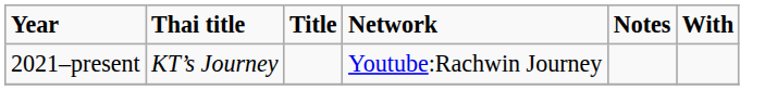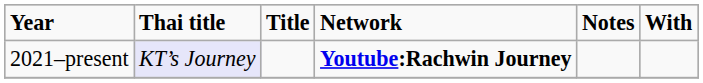 <table class="wikitable" style="font-size: 85%;">
 <tr>
 <td><strong>Year</strong></td>
 <td><strong>Thai title</strong></td>
 <td><strong>Title</strong></td>
 <td><strong>Network</strong></td>
 <td><strong>Notes</strong></td>
 <td><strong>With</strong></td>
 </tr>
 <tr>
 <td rowspan="1">2021–present</td>
-<td><em>KT’s Journey</em></td>
+<td style="background: lavender;"><em>KT’s Journey</em></td>
 <td><em> </em></td>
-<td><a href='#'>Youtube</a>:Rachwin Journey</td>
+<td><strong><a href='#'>Youtube</a>:Rachwin Journey</strong></td>
 <td></td>
 <td></td>
 </tr>
 <tr>
 </tr>
 </table>
